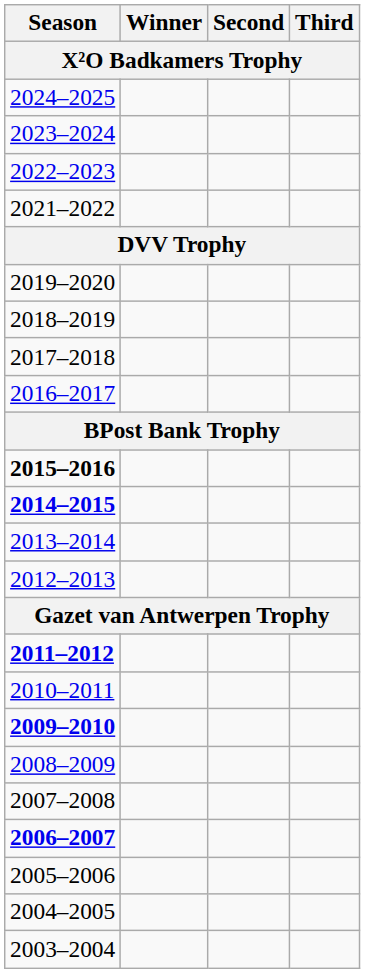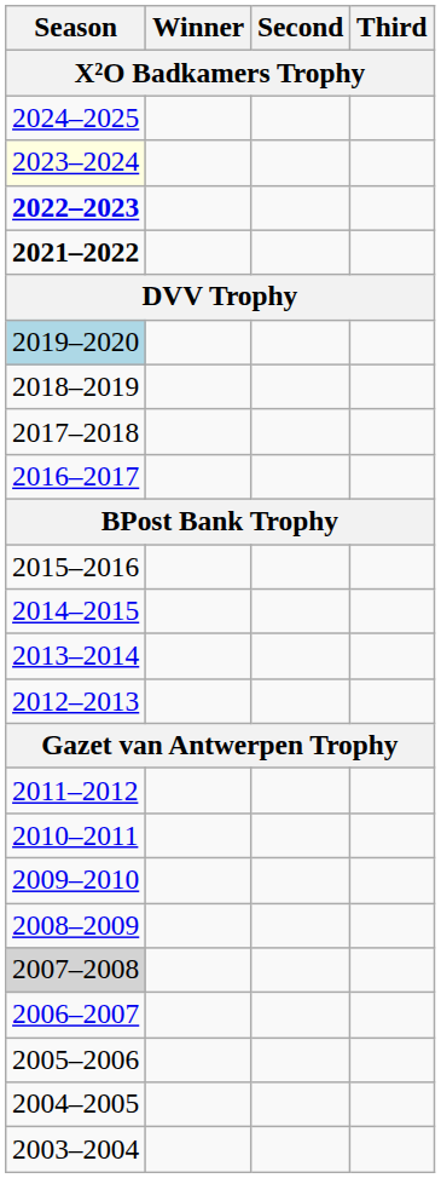 <table class="wikitable">
 <tr>
 <th>Season</th>
 <th>Winner</th>
 <th>Second</th>
 <th>Third</th>
 </tr>
 <tr>
 <th colspan="4">X²O Badkamers Trophy</th>
 </tr>
 <tr>
 <td><a href='#'>2024–2025</a></td>
 <td></td>
 <td></td>
 <td></td>
 </tr>
 <tr>
-<td><a href='#'>2023–2024</a></td>
+<td style="background: lightyellow;"><a href='#'>2023–2024</a></td>
 <td></td>
 <td></td>
 <td></td>
 </tr>
 <tr>
-<td><a href='#'>2022–2023</a></td>
+<td><strong><a href='#'>2022–2023</a></strong></td>
 <td></td>
 <td></td>
 <td></td>
 </tr>
 <tr>
-<td>2021–2022</td>
+<td><strong>2021–2022</strong></td>
 <td></td>
 <td></td>
 <td></td>
 </tr>
 <tr>
 <th colspan="4">DVV Trophy</th>
 </tr>
 <tr>
-<td>2019–2020</td>
+<td style="background: lightblue;">2019–2020</td>
 <td></td>
 <td></td>
 <td></td>
 </tr>
 <tr>
 <td>2018–2019</td>
 <td></td>
 <td></td>
 <td></td>
 </tr>
 <tr>
 <td>2017–2018</td>
 <td></td>
 <td></td>
 <td></td>
 </tr>
 <tr>
 <td><a href='#'>2016–2017</a></td>
 <td></td>
 <td></td>
 <td></td>
 </tr>
 <tr>
 <th colspan="4">BPost Bank Trophy</th>
 </tr>
 <tr>
-<td><strong>2015–2016</strong></td>
+<td>2015–2016</td>
 <td></td>
 <td></td>
 <td></td>
 </tr>
 <tr>
-<td><strong><a href='#'>2014–2015</a></strong></td>
+<td><a href='#'>2014–2015</a></td>
 <td></td>
 <td></td>
 <td></td>
 </tr>
 <tr>
 <td><a href='#'>2013–2014</a></td>
 <td></td>
 <td></td>
 <td></td>
 </tr>
 <tr>
 <td><a href='#'>2012–2013</a></td>
 <td></td>
 <td></td>
 <td></td>
 </tr>
 <tr>
 <th colspan="4">Gazet van Antwerpen Trophy</th>
 </tr>
 <tr>
-<td><strong><a href='#'>2011–2012</a></strong></td>
+<td><a href='#'>2011–2012</a></td>
 <td></td>
 <td></td>
 <td></td>
 </tr>
 <tr>
 <td><a href='#'>2010–2011</a></td>
 <td></td>
 <td></td>
 <td></td>
 </tr>
 <tr>
-<td><strong><a href='#'>2009–2010</a></strong></td>
+<td><a href='#'>2009–2010</a></td>
 <td></td>
 <td></td>
 <td></td>
 </tr>
 <tr>
 <td><a href='#'>2008–2009</a></td>
 <td></td>
 <td></td>
 <td></td>
 </tr>
 <tr>
-<td>2007–2008</td>
+<td style="background: lightgrey;">2007–2008</td>
 <td></td>
 <td></td>
 <td></td>
 </tr>
 <tr>
-<td><strong><a href='#'>2006–2007</a></strong></td>
+<td><a href='#'>2006–2007</a></td>
 <td></td>
 <td></td>
 <td></td>
 </tr>
 <tr>
 <td>2005–2006</td>
 <td></td>
 <td></td>
 <td></td>
 </tr>
 <tr>
 <td>2004–2005</td>
 <td></td>
 <td></td>
 <td></td>
 </tr>
 <tr>
 <td>2003–2004</td>
 <td></td>
 <td></td>
 <td></td>
 </tr>
 </table>
